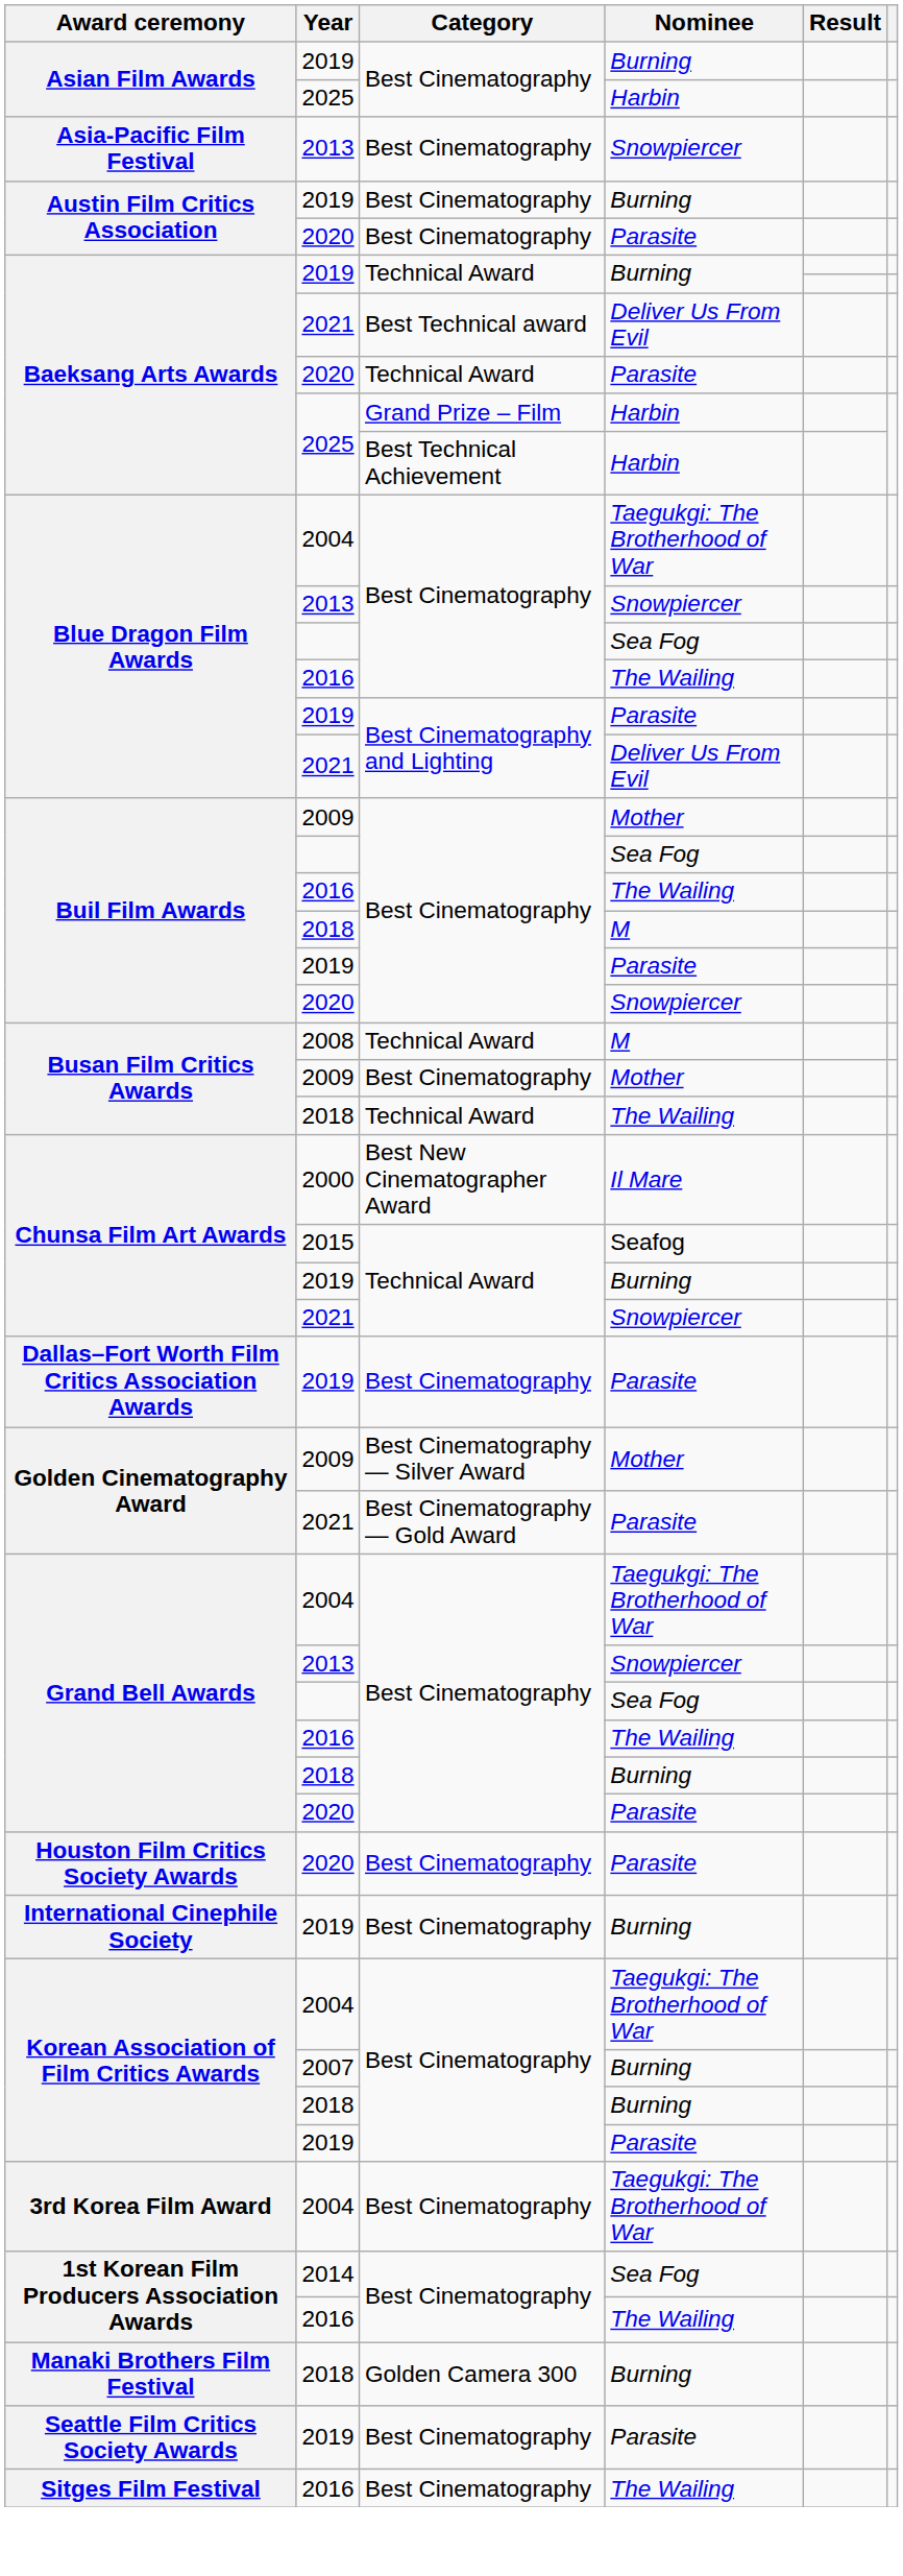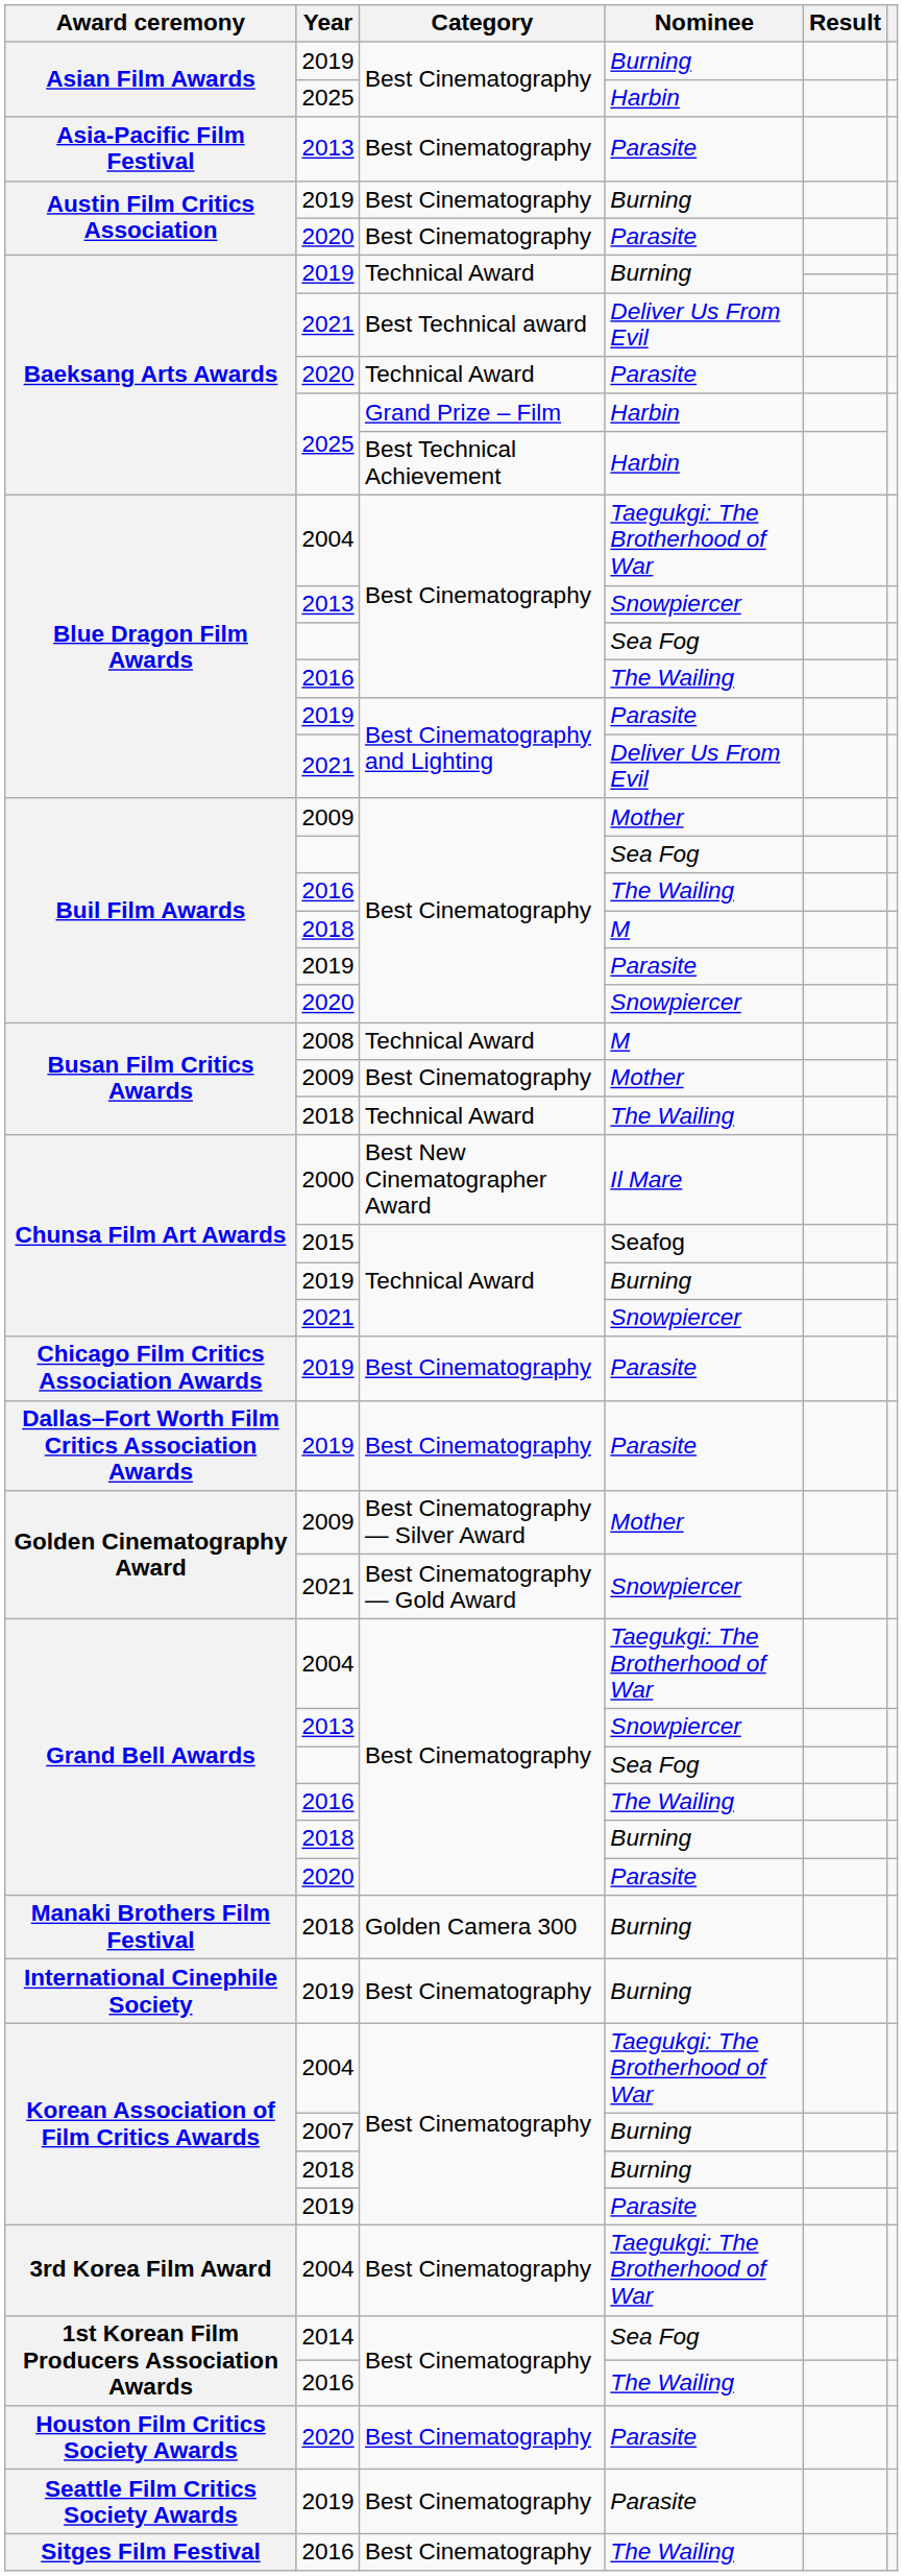 <table class="wikitable plainrowheaders sortable">
 <tr>
 <th scope="col">Award ceremony</th>
 <th scope="col">Year</th>
 <th scope="col">Category</th>
 <th scope="col">Nominee</th>
 <th scope="col">Result</th>
 <th scope="col" class="unsortable"></th>
 </tr>
 <tr>
 <th rowspan="2" scope="row"><a href='#'>Asian Film Awards</a></th>
 <td style="text-align:center">2019</td>
 <td rowspan="2">Best Cinematography</td>
 <td><em><a href='#'>Burning</a></em></td>
 <td></td>
 <td></td>
 </tr>
 <tr>
 <td style="text-align:center">2025</td>
 <td><em><a href='#'>Harbin</a></em></td>
 <td></td>
 <td></td>
 </tr>
 <tr>
 <th scope="row"><a href='#'>Asia-Pacific Film Festival</a></th>
 <td style="text-align:center"><a href='#'>2013</a></td>
 <td>Best Cinematography</td>
-<td><em><a href='#'>Snowpiercer</a></em></td>
+<td><em><a href='#'>Parasite</a></em></td>
 <td></td>
 <td></td>
 </tr>
 <tr>
 <th rowspan="2" scope="row"><a href='#'>Austin Film Critics Association</a></th>
 <td style="text-align:center">2019</td>
 <td>Best Cinematography</td>
 <td><em>Burning</em></td>
 <td></td>
 <td></td>
 </tr>
 <tr>
 <td><a href='#'>2020</a></td>
 <td>Best Cinematography</td>
 <td><em><a href='#'>Parasite</a></em></td>
 <td></td>
 <td><br></td>
 </tr>
 <tr>
 <th rowspan="6" scope="row"><a href='#'>Baeksang Arts Awards</a></th>
 <td style="text-align:center" rowspan="2"><a href='#'>2019</a></td>
 <td rowspan="2">Technical Award</td>
 <td rowspan="2"><em>Burning</em></td>
 <td></td>
 <td></td>
 </tr>
 <tr>
 <td></td>
 <td></td>
 </tr>
 <tr>
 <td style="text-align:center"><a href='#'>2021</a></td>
 <td>Best Technical award</td>
 <td><em><a href='#'>Deliver Us From Evil</a></em></td>
 <td></td>
 <td></td>
 </tr>
 <tr>
 <td style="text-align:center"><a href='#'>2020</a></td>
 <td>Technical Award</td>
 <td><em><a href='#'>Parasite</a></em></td>
 <td></td>
 <td><br> </td>
 </tr>
 <tr>
 <td rowspan="2" style="text-align:center"><a href='#'>2025</a></td>
 <td><a href='#'>Grand Prize – Film</a></td>
 <td><em><a href='#'>Harbin</a></em></td>
 <td></td>
 <td rowspan="2"></td>
 </tr>
 <tr>
 <td>Best Technical Achievement</td>
 <td><em><a href='#'>Harbin</a></em></td>
 <td></td>
 </tr>
 <tr>
 <th rowspan="6" scope="row"><a href='#'>Blue Dragon Film Awards</a></th>
 <td style="text-align:center">2004</td>
 <td rowspan="4">Best Cinematography</td>
 <td><em><a href='#'>Taegukgi: The Brotherhood of War</a></em></td>
 <td></td>
 <td></td>
 </tr>
 <tr>
 <td style="text-align:center"><a href='#'>2013</a></td>
 <td><em><a href='#'>Snowpiercer</a></em></td>
 <td></td>
 <td></td>
 </tr>
 <tr>
 <td></td>
 <td><em>Sea Fog</em></td>
 <td></td>
 <td></td>
 </tr>
 <tr>
 <td style="text-align:center"><a href='#'>2016</a></td>
 <td><em><a href='#'>The Wailing</a></em></td>
 <td></td>
 <td></td>
 </tr>
 <tr>
 <td style="text-align:center"><a href='#'>2019</a></td>
 <td rowspan="2"><a href='#'>Best Cinematography and Lighting</a></td>
 <td><em><a href='#'>Parasite</a></em></td>
 <td></td>
 <td><br></td>
 </tr>
 <tr>
 <td style="text-align:center"><a href='#'>2021</a></td>
 <td><em><a href='#'>Deliver Us From Evil</a></em></td>
 <td></td>
 <td></td>
 </tr>
 <tr>
 <th rowspan="6" scope="row"><a href='#'>Buil Film Awards</a></th>
 <td style="text-align:center">2009</td>
 <td rowspan="6">Best Cinematography</td>
 <td><em><a href='#'>Mother</a></em></td>
 <td></td>
 <td></td>
 </tr>
 <tr>
 <td></td>
 <td><em>Sea Fog</em></td>
 <td></td>
 <td></td>
 </tr>
 <tr>
 <td style="text-align:center"><a href='#'>2016</a></td>
 <td><em><a href='#'>The Wailing</a></em></td>
 <td></td>
 <td></td>
 </tr>
 <tr>
 <td style="text-align:center"><a href='#'>2018</a></td>
 <td><em><a href='#'>M</a></em></td>
 <td></td>
 <td><br></td>
 </tr>
 <tr>
 <td style="text-align:center">2019</td>
 <td><em><a href='#'>Parasite</a></em></td>
 <td></td>
 <td><br> </td>
 </tr>
 <tr>
 <td style="text-align:center"><a href='#'>2020</a></td>
 <td><em><a href='#'>Snowpiercer</a></em></td>
 <td></td>
 <td></td>
 </tr>
 <tr>
 <th rowspan="3" scope="row"><a href='#'>Busan Film Critics Awards</a></th>
 <td style="text-align:center">2008</td>
 <td>Technical Award</td>
 <td><em><a href='#'>M</a></em></td>
 <td></td>
 <td></td>
 </tr>
 <tr>
 <td style="text-align:center">2009</td>
 <td>Best Cinematography</td>
 <td><em><a href='#'>Mother</a></em></td>
 <td></td>
 <td></td>
 </tr>
 <tr>
 <td style="text-align:center">2018</td>
 <td>Technical Award</td>
 <td><em><a href='#'>The Wailing</a></em></td>
 <td></td>
 <td></td>
 </tr>
 <tr>
 <th rowspan="4" scope="row"><a href='#'>Chunsa Film Art Awards</a></th>
 <td style="text-align:center">2000</td>
 <td>Best New Cinematographer Award</td>
 <td><em><a href='#'>Il Mare</a></em></td>
 <td></td>
 <td></td>
 </tr>
 <tr>
 <td style="text-align:center">2015</td>
 <td rowspan="3">Technical Award</td>
 <td>Seafog</td>
 <td></td>
 <td></td>
 </tr>
 <tr>
 <td style="text-align:center">2019</td>
 <td><em>Burning</em></td>
 <td></td>
 <td><br></td>
 </tr>
 <tr>
 <td style="text-align:center"><a href='#'>2021</a></td>
 <td><em><a href='#'>Snowpiercer</a></em></td>
 <td></td>
 <td></td>
 </tr>
 <tr>
+<th scope="row"><a href='#'>Chicago Film Critics Association Awards</a></th>
+<td style="text-align:center"><a href='#'>2019</a></td>
+<td><a href='#'>Best Cinematography</a></td>
+<td><em><a href='#'>Parasite</a></em></td>
+<td></td>
+<td><br></td>
+</tr>
+<tr>
 <th scope="row"><a href='#'>Dallas–Fort Worth Film Critics Association Awards</a></th>
 <td style="text-align:center"><a href='#'>2019</a></td>
 <td><a href='#'>Best Cinematography</a></td>
 <td><em><a href='#'>Parasite</a></em></td>
 <td></td>
 <td></td>
 </tr>
 <tr>
 <th rowspan="2" scope="row">Golden Cinematography Award</th>
 <td style="text-align: center;">2009</td>
 <td>Best Cinematography — Silver Award</td>
 <td><em><a href='#'>Mother</a></em></td>
 <td></td>
 <td></td>
 </tr>
 <tr>
 <td style="text-align: center;">2021</td>
 <td>Best Cinematography — Gold Award</td>
-<td><em><a href='#'>Parasite</a></em></td>
+<td><em><a href='#'>Snowpiercer</a></em></td>
 <td></td>
 <td></td>
 </tr>
 <tr>
 <th rowspan="6" scope="row"><a href='#'>Grand Bell Awards</a></th>
 <td style="text-align:center">2004</td>
 <td rowspan="6">Best Cinematography</td>
 <td><em><a href='#'>Taegukgi: The Brotherhood of War</a></em></td>
 <td></td>
 <td></td>
 </tr>
 <tr>
 <td style="text-align:center"><a href='#'>2013</a></td>
 <td><em><a href='#'>Snowpiercer</a></em></td>
 <td></td>
 <td></td>
 </tr>
 <tr>
 <td></td>
 <td><em>Sea Fog</em></td>
 <td></td>
 <td></td>
 </tr>
 <tr>
 <td style="text-align:center"><a href='#'>2016</a></td>
 <td><em><a href='#'>The Wailing</a></em></td>
 <td></td>
 <td></td>
 </tr>
 <tr>
 <td style="text-align:center"><a href='#'>2018</a></td>
 <td><em>Burning</em></td>
 <td></td>
 <td><br></td>
 </tr>
 <tr>
 <td><a href='#'>2020</a></td>
 <td><em><a href='#'>Parasite</a></em></td>
 <td></td>
 <td><br></td>
 </tr>
 <tr>
-<th scope="row"><a href='#'>Houston Film Critics Society Awards</a></th>
-<td style="text-align:center"><a href='#'>2020</a></td>
-<td><a href='#'>Best Cinematography</a></td>
-<td><em><a href='#'>Parasite</a></em></td>
+<th scope="row"><a href='#'>Manaki Brothers Film Festival</a></th>
+<td style="text-align:center">2018</td>
+<td>Golden Camera 300</td>
+<td><em>Burning</em></td>
 <td></td>
-<td><br></td>
+<td></td>
 </tr>
 <tr>
 <th scope="row"><a href='#'>International Cinephile Society</a></th>
 <td style="text-align:center">2019</td>
 <td>Best Cinematography</td>
 <td><em>Burning</em></td>
 <td></td>
 <td><br></td>
 </tr>
 <tr>
 <th rowspan="4" scope="row"><a href='#'>Korean Association of Film Critics Awards</a></th>
 <td style="text-align:center">2004</td>
 <td rowspan="4">Best Cinematography</td>
 <td><em><a href='#'>Taegukgi: The Brotherhood of War</a></em></td>
 <td></td>
 <td></td>
 </tr>
 <tr>
 <td style="text-align:center">2007</td>
 <td><em>Burning</em></td>
 <td></td>
 <td></td>
 </tr>
 <tr>
 <td style="text-align:center">2018</td>
 <td><em>Burning</em></td>
 <td></td>
 <td></td>
 </tr>
 <tr>
 <td style="text-align:center">2019</td>
 <td><em><a href='#'>Parasite</a></em></td>
 <td></td>
 <td><br></td>
 </tr>
 <tr>
 <th scope="row">3rd Korea Film Award</th>
 <td style="text-align:center">2004</td>
 <td>Best Cinematography</td>
 <td><em><a href='#'>Taegukgi: The Brotherhood of War</a></em></td>
 <td></td>
 <td></td>
 </tr>
 <tr>
 <th rowspan="2" scope="row">1st Korean Film Producers Association Awards</th>
 <td style="text-align:center">2014</td>
 <td rowspan="2">Best Cinematography</td>
 <td><em>Sea Fog</em></td>
 <td></td>
 <td></td>
 </tr>
 <tr>
 <td style="text-align:center">2016</td>
 <td><em><a href='#'>The Wailing</a></em></td>
 <td></td>
 <td></td>
 </tr>
 <tr>
-<th scope="row"><a href='#'>Manaki Brothers Film Festival</a></th>
-<td style="text-align:center">2018</td>
-<td>Golden Camera 300</td>
-<td><em>Burning</em></td>
+<th scope="row"><a href='#'>Houston Film Critics Society Awards</a></th>
+<td style="text-align:center"><a href='#'>2020</a></td>
+<td><a href='#'>Best Cinematography</a></td>
+<td><em><a href='#'>Parasite</a></em></td>
 <td></td>
-<td></td>
+<td><br></td>
 </tr>
 <tr>
 <th scope="row"><a href='#'>Seattle Film Critics Society Awards</a></th>
 <td style="text-align:center">2019</td>
 <td>Best Cinematography</td>
 <td><em>Parasite</em></td>
 <td></td>
 <td></td>
 </tr>
 <tr>
 <th scope="row"><a href='#'>Sitges Film Festival</a></th>
 <td style="text-align:center">2016</td>
 <td>Best Cinematography</td>
 <td><em><a href='#'>The Wailing</a></em></td>
 <td></td>
 <td></td>
 </tr>
 </table>
